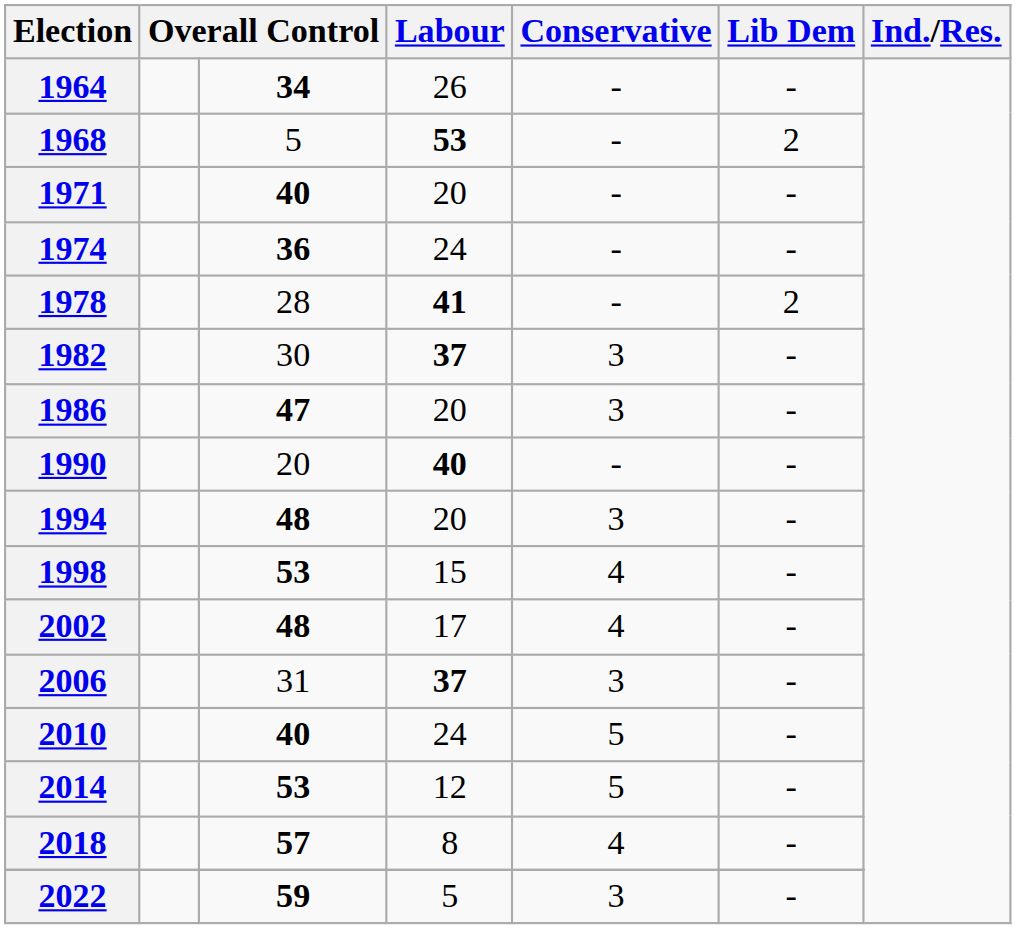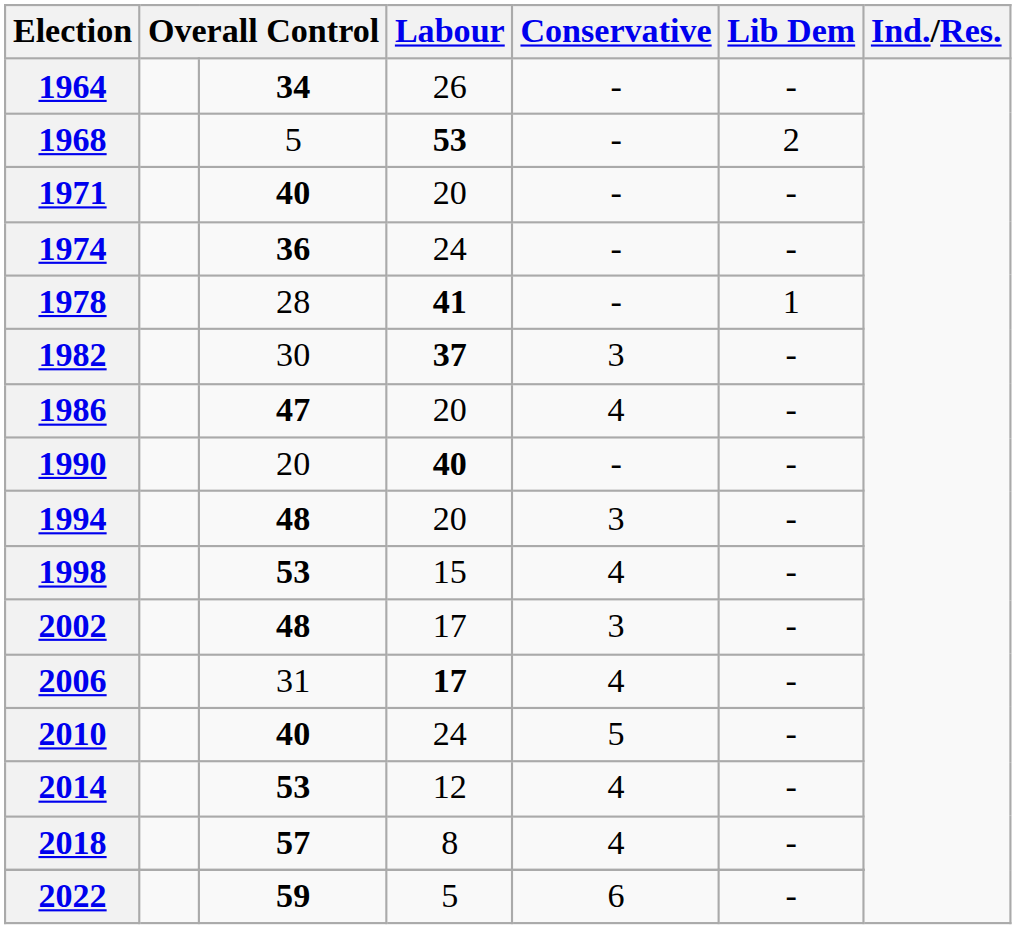 <table class="wikitable">
 <tr>
 <th>Election</th>
 <th colspan=2>Overall Control</th>
 <th><a href='#'>Labour</a></th>
 <th><a href='#'>Conservative</a></th>
 <th><a href='#'>Lib Dem</a></th>
 <th><a href='#'>Ind.</a>/<a href='#'>Res.</a></th>
 </tr>
 <tr>
 <th><a href='#'>1964</a></th>
 <td></td>
 <td style="text-align: center;"><strong>34</strong></td>
 <td style="text-align: center;">26</td>
 <td style="text-align: center;">-</td>
 <td style="text-align: center;">-</td>
 </tr>
 <tr>
 <th><a href='#'>1968</a></th>
 <td></td>
 <td style="text-align: center;">5</td>
 <td style="text-align: center;"><strong>53</strong></td>
 <td style="text-align: center;">-</td>
 <td style="text-align: center;">2</td>
 </tr>
 <tr>
 <th><a href='#'>1971</a></th>
 <td></td>
 <td style="text-align: center;"><strong>40</strong></td>
 <td style="text-align: center;">20</td>
 <td style="text-align: center;">-</td>
 <td style="text-align: center;">-</td>
 </tr>
 <tr>
 <th><a href='#'>1974</a></th>
 <td></td>
 <td style="text-align: center;"><strong>36</strong></td>
 <td style="text-align: center;">24</td>
 <td style="text-align: center;">-</td>
 <td style="text-align: center;">-</td>
 </tr>
 <tr>
 <th><a href='#'>1978</a></th>
 <td></td>
 <td style="text-align: center;">28</td>
 <td style="text-align: center;"><strong>41</strong></td>
 <td style="text-align: center;">-</td>
-<td style="text-align: center;">2</td>
+<td style="text-align: center;">1</td>
 </tr>
 <tr>
 <th><a href='#'>1982</a></th>
 <td></td>
 <td style="text-align: center;">30</td>
 <td style="text-align: center;"><strong>37</strong></td>
 <td style="text-align: center;">3</td>
 <td style="text-align: center;">-</td>
 </tr>
 <tr>
 <th><a href='#'>1986</a></th>
 <td></td>
 <td style="text-align: center;"><strong>47</strong></td>
 <td style="text-align: center;">20</td>
-<td style="text-align: center;">3</td>
+<td style="text-align: center;">4</td>
 <td style="text-align: center;">-</td>
 </tr>
 <tr>
 <th><a href='#'>1990</a></th>
 <td></td>
 <td style="text-align: center;">20</td>
 <td style="text-align: center;"><strong>40</strong></td>
 <td style="text-align: center;">-</td>
 <td style="text-align: center;">-</td>
 </tr>
 <tr>
 <th><a href='#'>1994</a></th>
 <td></td>
 <td style="text-align: center;"><strong>48</strong></td>
 <td style="text-align: center;">20</td>
 <td style="text-align: center;">3</td>
 <td style="text-align: center;">-</td>
 </tr>
 <tr>
 <th><a href='#'>1998</a></th>
 <td></td>
 <td style="text-align: center;"><strong>53</strong></td>
 <td style="text-align: center;">15</td>
 <td style="text-align: center;">4</td>
 <td style="text-align: center;">-</td>
 </tr>
 <tr>
 <th><a href='#'>2002</a></th>
 <td></td>
 <td style="text-align: center;"><strong>48</strong></td>
 <td style="text-align: center;">17</td>
-<td style="text-align: center;">4</td>
+<td style="text-align: center;">3</td>
 <td style="text-align: center;">-</td>
 </tr>
 <tr>
 <th><a href='#'>2006</a></th>
 <td></td>
 <td style="text-align: center;">31</td>
-<td style="text-align: center;"><strong>37</strong></td>
-<td style="text-align: center;">3</td>
+<td style="text-align: center;"><strong>17</strong></td>
+<td style="text-align: center;">4</td>
 <td style="text-align: center;">-</td>
 </tr>
 <tr>
 <th><a href='#'>2010</a></th>
 <td></td>
 <td style="text-align: center;"><strong>40</strong></td>
 <td style="text-align: center;">24</td>
 <td style="text-align: center;">5</td>
 <td style="text-align: center;">-</td>
 </tr>
 <tr>
 <th><a href='#'>2014</a></th>
 <td></td>
 <td style="text-align: center;"><strong>53</strong></td>
 <td style="text-align: center;">12</td>
-<td style="text-align: center;">5</td>
+<td style="text-align: center;">4</td>
 <td style="text-align: center;">-</td>
 </tr>
 <tr>
 <th><a href='#'>2018</a></th>
 <td></td>
 <td style="text-align: center;"><strong>57</strong></td>
 <td style="text-align: center;">8</td>
 <td style="text-align: center;">4</td>
 <td style="text-align: center;">-</td>
 </tr>
 <tr>
 </tr>
 <tr>
 <th><a href='#'>2022</a></th>
 <td></td>
 <td style="text-align: center;"><strong>59</strong></td>
 <td style="text-align: center;">5</td>
-<td style="text-align: center;">3</td>
+<td style="text-align: center;">6</td>
 <td style="text-align: center;">-</td>
 </tr>
 </table>
